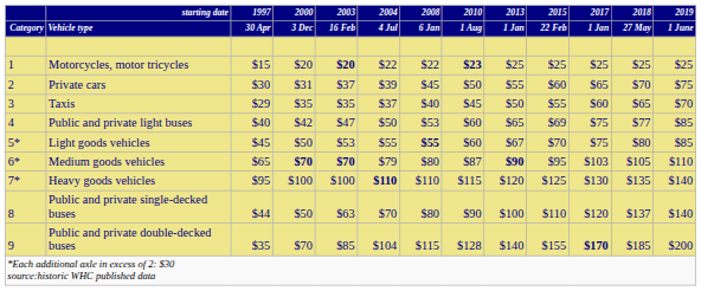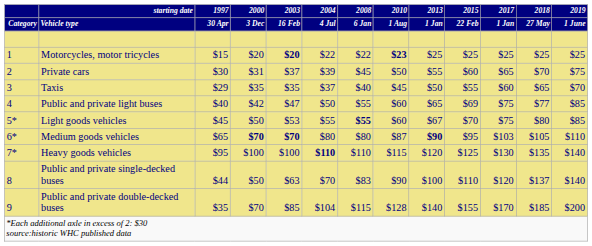 <table class="wikitable">
 <tr style="background-color:#000080;font-size:9pt;font-weight:bold;font-style:Italic;text-decoration:none;color:#FFFFFF">
 <td style="font-style:Italic" width="48" height="13" align="right" valign="bottom"> </td>
 <td style="font-style:Italic" width="238" align="right" valign="bottom">starting date</td>
 <td style="font-style:Italic" width="50" align="right" valign="bottom">1997</td>
 <td style="font-style:Italic" width="50" align="right" valign="bottom">2000</td>
 <td style="font-style:Italic" width="50" align="right" valign="bottom">2003</td>
 <td style="font-style:Italic" width="50" align="right" valign="bottom">2004</td>
 <td style="font-style:Italic" width="50" align="right" valign="bottom">2008</td>
 <td style="font-style:Italic" width="50" align="right" valign="bottom">2010</td>
 <td style="font-style:Italic" width="50" align="right" valign="bottom">2013</td>
 <td style="font-style:Italic" width="50" align="right" valign="bottom">2015</td>
 <td style="font-style:Italic" width="50" align="right" valign="bottom">2017</td>
 <td style="font-style:Italic" width="50" align="right" valign="bottom">2018</td>
 <td style="font-style:Italic" width="50" align="right" valign="bottom">2019</td>
 </tr>
 <tr style="background-color:#000080;font-size:9pt;font-weight:bold;font-style:Italic;text-decoration:none;color:#FFFFFF">
 <td style="font-style:Italic" height="13" align="right" valign="bottom">Category</td>
 <td style="font-style:Italic" valign="bottom">Vehicle type</td>
 <td style="font-style:Italic" align="right" valign="bottom">30 Apr</td>
 <td style="font-style:Italic" align="right" valign="bottom">3 Dec</td>
 <td style="font-style:Italic" align="right" valign="bottom">16 Feb</td>
 <td style="font-style:Italic" align="right" valign="bottom">4 Jul</td>
 <td style="font-style:Italic" align="right" valign="bottom">6 Jan</td>
 <td style="font-style:Italic" align="right" valign="bottom">1 Aug</td>
 <td style="font-style:Italic" align="right" valign="bottom">1 Jan</td>
 <td style="font-style:Italic" align="right" valign="bottom">22 Feb</td>
 <td style="font-style:Italic" align="right" valign="bottom">1 Jan</td>
 <td style="font-style:Italic" align="right" valign="bottom">27 May</td>
 <td style="font-style:Italic" align="right" valign="bottom">1 June</td>
 </tr>
 <tr style="background-color:#F0E68C;color:#000080">
 <td style="text-decoration:none" height="13" valign="bottom"> </td>
 <td valign="bottom"> </td>
 <td valign="bottom"> </td>
 <td valign="bottom"> </td>
 <td valign="bottom"> </td>
 <td valign="bottom"> </td>
 <td valign="bottom"> </td>
 <td valign="bottom"> </td>
 <td valign="bottom"> </td>
 <td valign="bottom"> </td>
 <td valign="bottom"> </td>
 <td style="font-size:9pt" valign="bottom" align="center"></td>
 <td></td>
 </tr>
 <tr style="background-color:#F0E68C;color:#000080">
 <td height="13" valign="bottom">1</td>
 <td valign="bottom">Motorcycles, motor tricycles</td>
 <td align="right" valign="bottom">$15</td>
 <td align="right" valign="bottom">$20</td>
 <td align="right" valign="bottom"><strong>$20</strong></td>
 <td align="right" valign="bottom">$22</td>
 <td align="right" valign="bottom">$22</td>
 <td align="right" valign="bottom"><strong>$23</strong></td>
 <td align="right" valign="bottom">$25</td>
 <td align="right" valign="bottom">$25</td>
 <td align="right" valign="bottom">$25</td>
 <td align="right" valign="bottom">$25</td>
 <td align="right" valign="bottom">$25</td>
 </tr>
 <tr style="background-color:#F0E68C;color:#000080">
 <td height="13" valign="bottom">2</td>
 <td valign="bottom">Private cars</td>
 <td align="right" valign="bottom">$30</td>
 <td align="right" valign="bottom">$31</td>
 <td align="right" valign="bottom">$37</td>
 <td align="right" valign="bottom">$39</td>
 <td align="right" valign="bottom">$45</td>
 <td align="right" valign="bottom">$50</td>
 <td align="right" valign="bottom">$55</td>
 <td align="right" valign="bottom">$60</td>
 <td align="right" valign="bottom">$65</td>
 <td align="right" valign="bottom">$70</td>
 <td align="right" valign="bottom">$75</td>
 </tr>
 <tr style="background-color:#F0E68C;color:#000080">
 <td height="13" valign="bottom">3</td>
 <td valign="bottom">Taxis</td>
 <td align="right" valign="bottom">$29</td>
 <td align="right" valign="bottom">$35</td>
 <td align="right" valign="bottom">$35</td>
 <td align="right" valign="bottom">$37</td>
 <td align="right" valign="bottom">$40</td>
 <td align="right" valign="bottom">$45</td>
 <td align="right" valign="bottom">$50</td>
 <td align="right" valign="bottom">$55</td>
 <td align="right" valign="bottom">$60</td>
 <td align="right" valign="bottom">$65</td>
 <td align="right" valign="bottom">$70</td>
 </tr>
 <tr style="background-color:#F0E68C;color:#000080">
 <td height="13" valign="bottom">4</td>
 <td valign="bottom">Public and private light buses</td>
 <td align="right" valign="bottom">$40</td>
 <td align="right" valign="bottom">$42</td>
 <td align="right" valign="bottom">$47</td>
 <td align="right" valign="bottom">$50</td>
-<td align="right" valign="bottom">$53</td>
+<td align="right" valign="bottom">$55</td>
 <td align="right" valign="bottom">$60</td>
 <td align="right" valign="bottom">$65</td>
 <td align="right" valign="bottom">$69</td>
 <td align="right" valign="bottom">$75</td>
 <td align="right" valign="bottom">$77</td>
 <td align="right" valign="bottom">$85</td>
 </tr>
 <tr style="background-color:#F0E68C;color:#000080">
 <td height="13" valign="bottom">5*</td>
 <td valign="bottom">Light goods vehicles</td>
 <td align="right" valign="bottom">$45</td>
 <td align="right" valign="bottom">$50</td>
 <td align="right" valign="bottom">$53</td>
 <td align="right" valign="bottom">$55</td>
 <td align="right" valign="bottom"><strong>$55</strong></td>
 <td align="right" valign="bottom">$60</td>
 <td align="right" valign="bottom">$67</td>
 <td align="right" valign="bottom">$70</td>
 <td align="right" valign="bottom">$75</td>
 <td align="right" valign="bottom">$80</td>
 <td align="right" valign="bottom">$85</td>
 </tr>
 <tr style="background-color:#F0E68C;color:#000080">
 <td height="13" valign="bottom">6*</td>
 <td valign="bottom">Medium goods vehicles</td>
 <td align="right" valign="bottom">$65</td>
 <td align="right" valign="bottom"><strong>$70</strong></td>
 <td align="right" valign="bottom"><strong>$70</strong></td>
-<td align="right" valign="bottom">$79</td>
+<td align="right" valign="bottom">$80</td>
 <td align="right" valign="bottom">$80</td>
 <td align="right" valign="bottom">$87</td>
 <td align="right" valign="bottom"><strong>$90</strong></td>
 <td align="right" valign="bottom">$95</td>
 <td align="right" valign="bottom">$103</td>
 <td align="right" valign="bottom">$105</td>
 <td align="right" valign="bottom">$110</td>
 </tr>
 <tr style="background-color:#F0E68C;color:#000080">
 <td height="13" valign="bottom">7*</td>
 <td valign="bottom">Heavy goods vehicles</td>
 <td align="right" valign="bottom">$95</td>
 <td align="right" valign="bottom">$100</td>
 <td align="right" valign="bottom">$100</td>
 <td align="right" valign="bottom"><strong>$110</strong></td>
 <td align="right" valign="bottom">$110</td>
 <td align="right" valign="bottom">$115</td>
 <td align="right" valign="bottom">$120</td>
 <td align="right" valign="bottom">$125</td>
 <td align="right" valign="bottom">$130</td>
 <td align="right" valign="bottom">$135</td>
 <td align="right" valign="bottom">$140</td>
 </tr>
 <tr style="background-color:#F0E68C;color:#000080">
 <td height="13" valign="bottom">8</td>
 <td valign="bottom">Public and private single-decked buses</td>
 <td align="right" valign="bottom">$44</td>
 <td align="right" valign="bottom">$50</td>
 <td align="right" valign="bottom">$63</td>
 <td align="right" valign="bottom">$70</td>
-<td align="right" valign="bottom">$80</td>
+<td align="right" valign="bottom">$83</td>
 <td align="right" valign="bottom">$90</td>
 <td align="right" valign="bottom">$100</td>
 <td align="right" valign="bottom">$110</td>
 <td align="right" valign="bottom">$120</td>
 <td align="right" valign="bottom">$137</td>
 <td align="right" valign="bottom">$140</td>
 </tr>
 <tr style="background-color:#F0E68C;color:#000080">
 <td height="14" valign="bottom">9</td>
 <td valign="bottom">Public and private double-decked buses</td>
 <td align="right" valign="bottom">$35</td>
 <td align="right" valign="bottom">$70</td>
 <td align="right" valign="bottom">$85</td>
 <td align="right" valign="bottom">$104</td>
 <td align="right" valign="bottom">$115</td>
 <td align="right" valign="bottom">$128</td>
 <td align="right" valign="bottom">$140</td>
 <td align="right" valign="bottom">$155</td>
-<td align="right" valign="bottom"><strong>$170</strong></td>
+<td align="right" valign="bottom">$170</td>
 <td align="right" valign="bottom">$185</td>
 <td align="right" valign="bottom">$200</td>
 </tr>
 <tr valign="bottom">
 <td colspan="13" style="font-size:10pt;font-style:Italic">*Each additional axle in excess of 2: $30 <br>source:historic WHC published data</td>
 </tr>
 </table>
